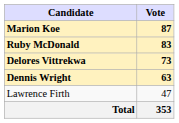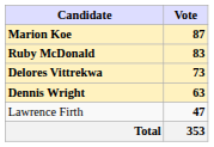 <table class="wikitable">
 <tr>
 <th width="200px" style="background:#ddf;">Candidate</th>
 <th width="50px" style="background:#ddf;">Vote</th>
 </tr>
 <tr>
 <td style="background:#fff2bf;"><strong>Marion Koe</strong></td>
 <td style="text-align:right;background:#fff2bf;"><strong>87</strong></td>
 </tr>
 <tr>
 <td style="background:#fff2bf;"><strong>Ruby McDonald</strong></td>
 <td style="text-align:right;background:#fff2bf;"><strong>83</strong></td>
 </tr>
 <tr>
 <td style="background:#fff2bf;"><strong>Delores Vittrekwa</strong></td>
 <td style="text-align:right;background:#fff2bf;"><strong>73</strong></td>
 </tr>
 <tr>
 <td style="background:#fff2bf;"><strong>Dennis Wright</strong></td>
 <td style="text-align:right;background:#fff2bf;"><strong>63</strong></td>
 </tr>
 <tr>
 <td style="text-align:left;">Lawrence Firth</td>
-<td style="text-align:right;">47</td>
+<td style="text-align:right;"><strong>47</strong></td>
 </tr>
 <tr>
 <td style="text-align:right;background-color:#f2f2f2;"><strong>Total</strong></td>
 <td style="text-align:right;background-color:#f2f2f2;"><strong>353</strong></td>
 </tr>
 </table>
